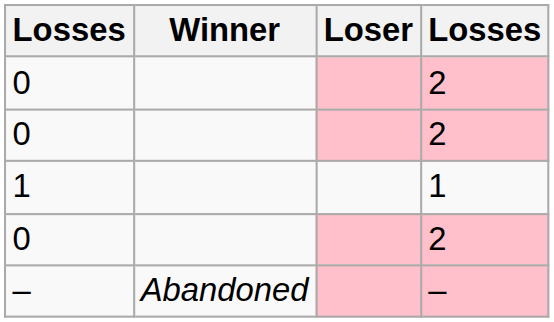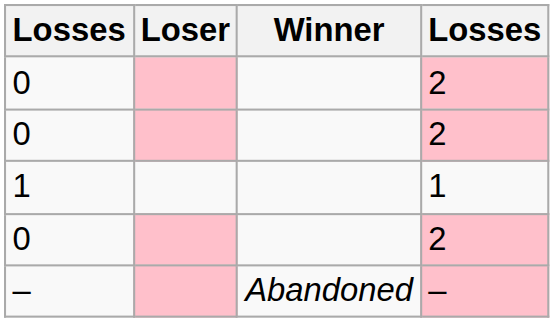 <table class=wikitable>
 <tr>
 <th>Losses</th>
+<th>Loser</th>
 <th>Winner</th>
-<th>Loser</th>
 <th>Losses</th>
 </tr>
 <tr>
 <td>0</td>
+<td bgcolor=pink></td>
 <td></td>
-<td bgcolor=pink></td>
 <td bgcolor=pink>2</td>
 </tr>
 <tr>
 <td>0</td>
+<td bgcolor=pink></td>
 <td></td>
-<td bgcolor=pink></td>
 <td bgcolor=pink>2</td>
 </tr>
 <tr>
 <td>1</td>
 <td></td>
 <td></td>
 <td>1</td>
 </tr>
 <tr>
 <td>0</td>
+<td bgcolor=pink></td>
 <td></td>
-<td bgcolor=pink></td>
 <td bgcolor=pink>2</td>
 </tr>
 <tr>
 <td>–</td>
+<td bgcolor=pink></td>
 <td><em>Abandoned</em></td>
-<td bgcolor=pink></td>
 <td bgcolor=pink>–</td>
 </tr>
 </table>
